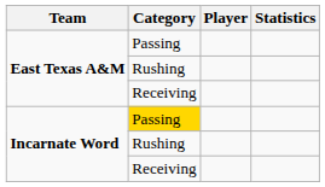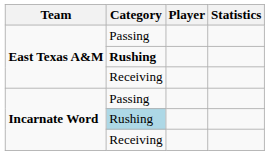 <table class="wikitable" style="float: right;">
 <tr>
 <th>Team</th>
 <th>Category</th>
 <th>Player</th>
 <th>Statistics</th>
 </tr>
 <tr>
 <td rowspan=3><strong>East Texas A&M</strong></td>
 <td>Passing</td>
 <td></td>
 <td></td>
 </tr>
 <tr>
-<td>Rushing</td>
+<td><strong>Rushing</strong></td>
 <td></td>
 <td></td>
 </tr>
 <tr>
 <td>Receiving</td>
 <td></td>
 <td></td>
 </tr>
 <tr>
 <td rowspan=3><strong>Incarnate Word</strong></td>
-<td style="background: gold;">Passing</td>
+<td>Passing</td>
 <td></td>
 <td></td>
 </tr>
 <tr>
-<td>Rushing</td>
+<td style="background: lightblue;">Rushing</td>
 <td></td>
 <td></td>
 </tr>
 <tr>
 <td>Receiving</td>
 <td></td>
 <td></td>
 </tr>
 </table>
